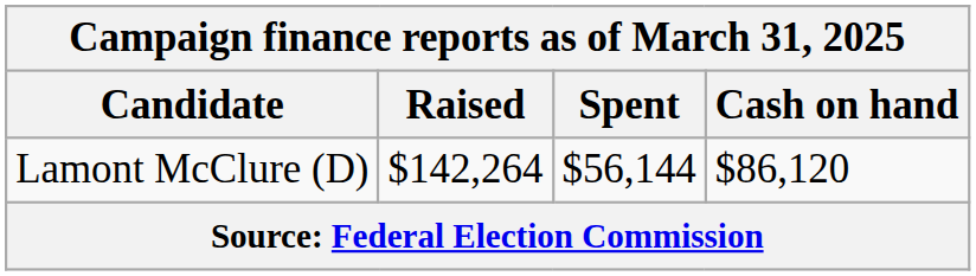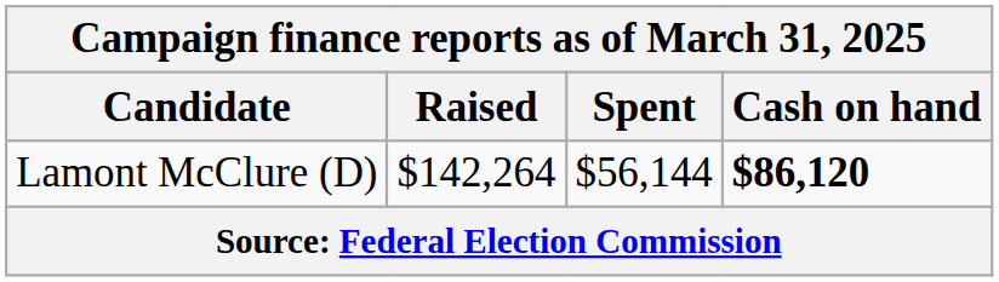 <table class="wikitable sortable">
 <tr>
 <th colspan=4>Campaign finance reports as of March 31, 2025</th>
 </tr>
 <tr style="text-align:center;">
 <th>Candidate</th>
 <th>Raised</th>
 <th>Spent</th>
 <th>Cash on hand</th>
 </tr>
 <tr>
 <td>Lamont McClure (D)</td>
 <td>$142,264</td>
 <td>$56,144</td>
-<td>$86,120</td>
+<td><strong>$86,120</strong></td>
 </tr>
 <tr>
 <th colspan="4"><small>Source: <a href='#'>Federal Election Commission</a></small></th>
 </tr>
 </table>
